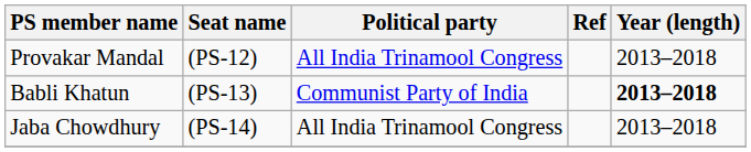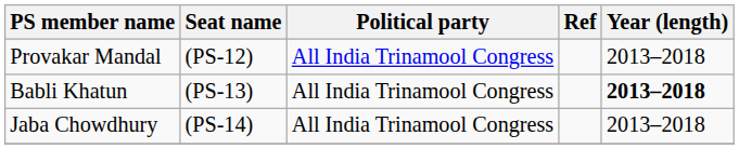 <table class=wikitable>
 <tr>
 <th>PS member name</th>
 <th>Seat name</th>
 <th>Political party</th>
 <th scope=col class=unsortable>Ref</th>
 <th>Year (length)</th>
 </tr>
 <tr>
 <td>Provakar Mandal</td>
 <td>(PS-12)</td>
 <td><a href='#'>All India Trinamool Congress</a></td>
 <td width="4px"></td>
 <td>2013–2018</td>
 </tr>
 <tr>
 <td>Babli Khatun</td>
 <td>(PS-13)</td>
-<td><a href='#'>Communist Party of India</a></td>
+<td>All India Trinamool Congress</td>
 <td width="4px"></td>
 <td><strong>2013–2018</strong></td>
 </tr>
 <tr>
 <td>Jaba Chowdhury</td>
 <td>(PS-14)</td>
 <td>All India Trinamool Congress</td>
 <td width="4px"></td>
 <td>2013–2018</td>
 </tr>
 <tr>
 </tr>
 </table>
